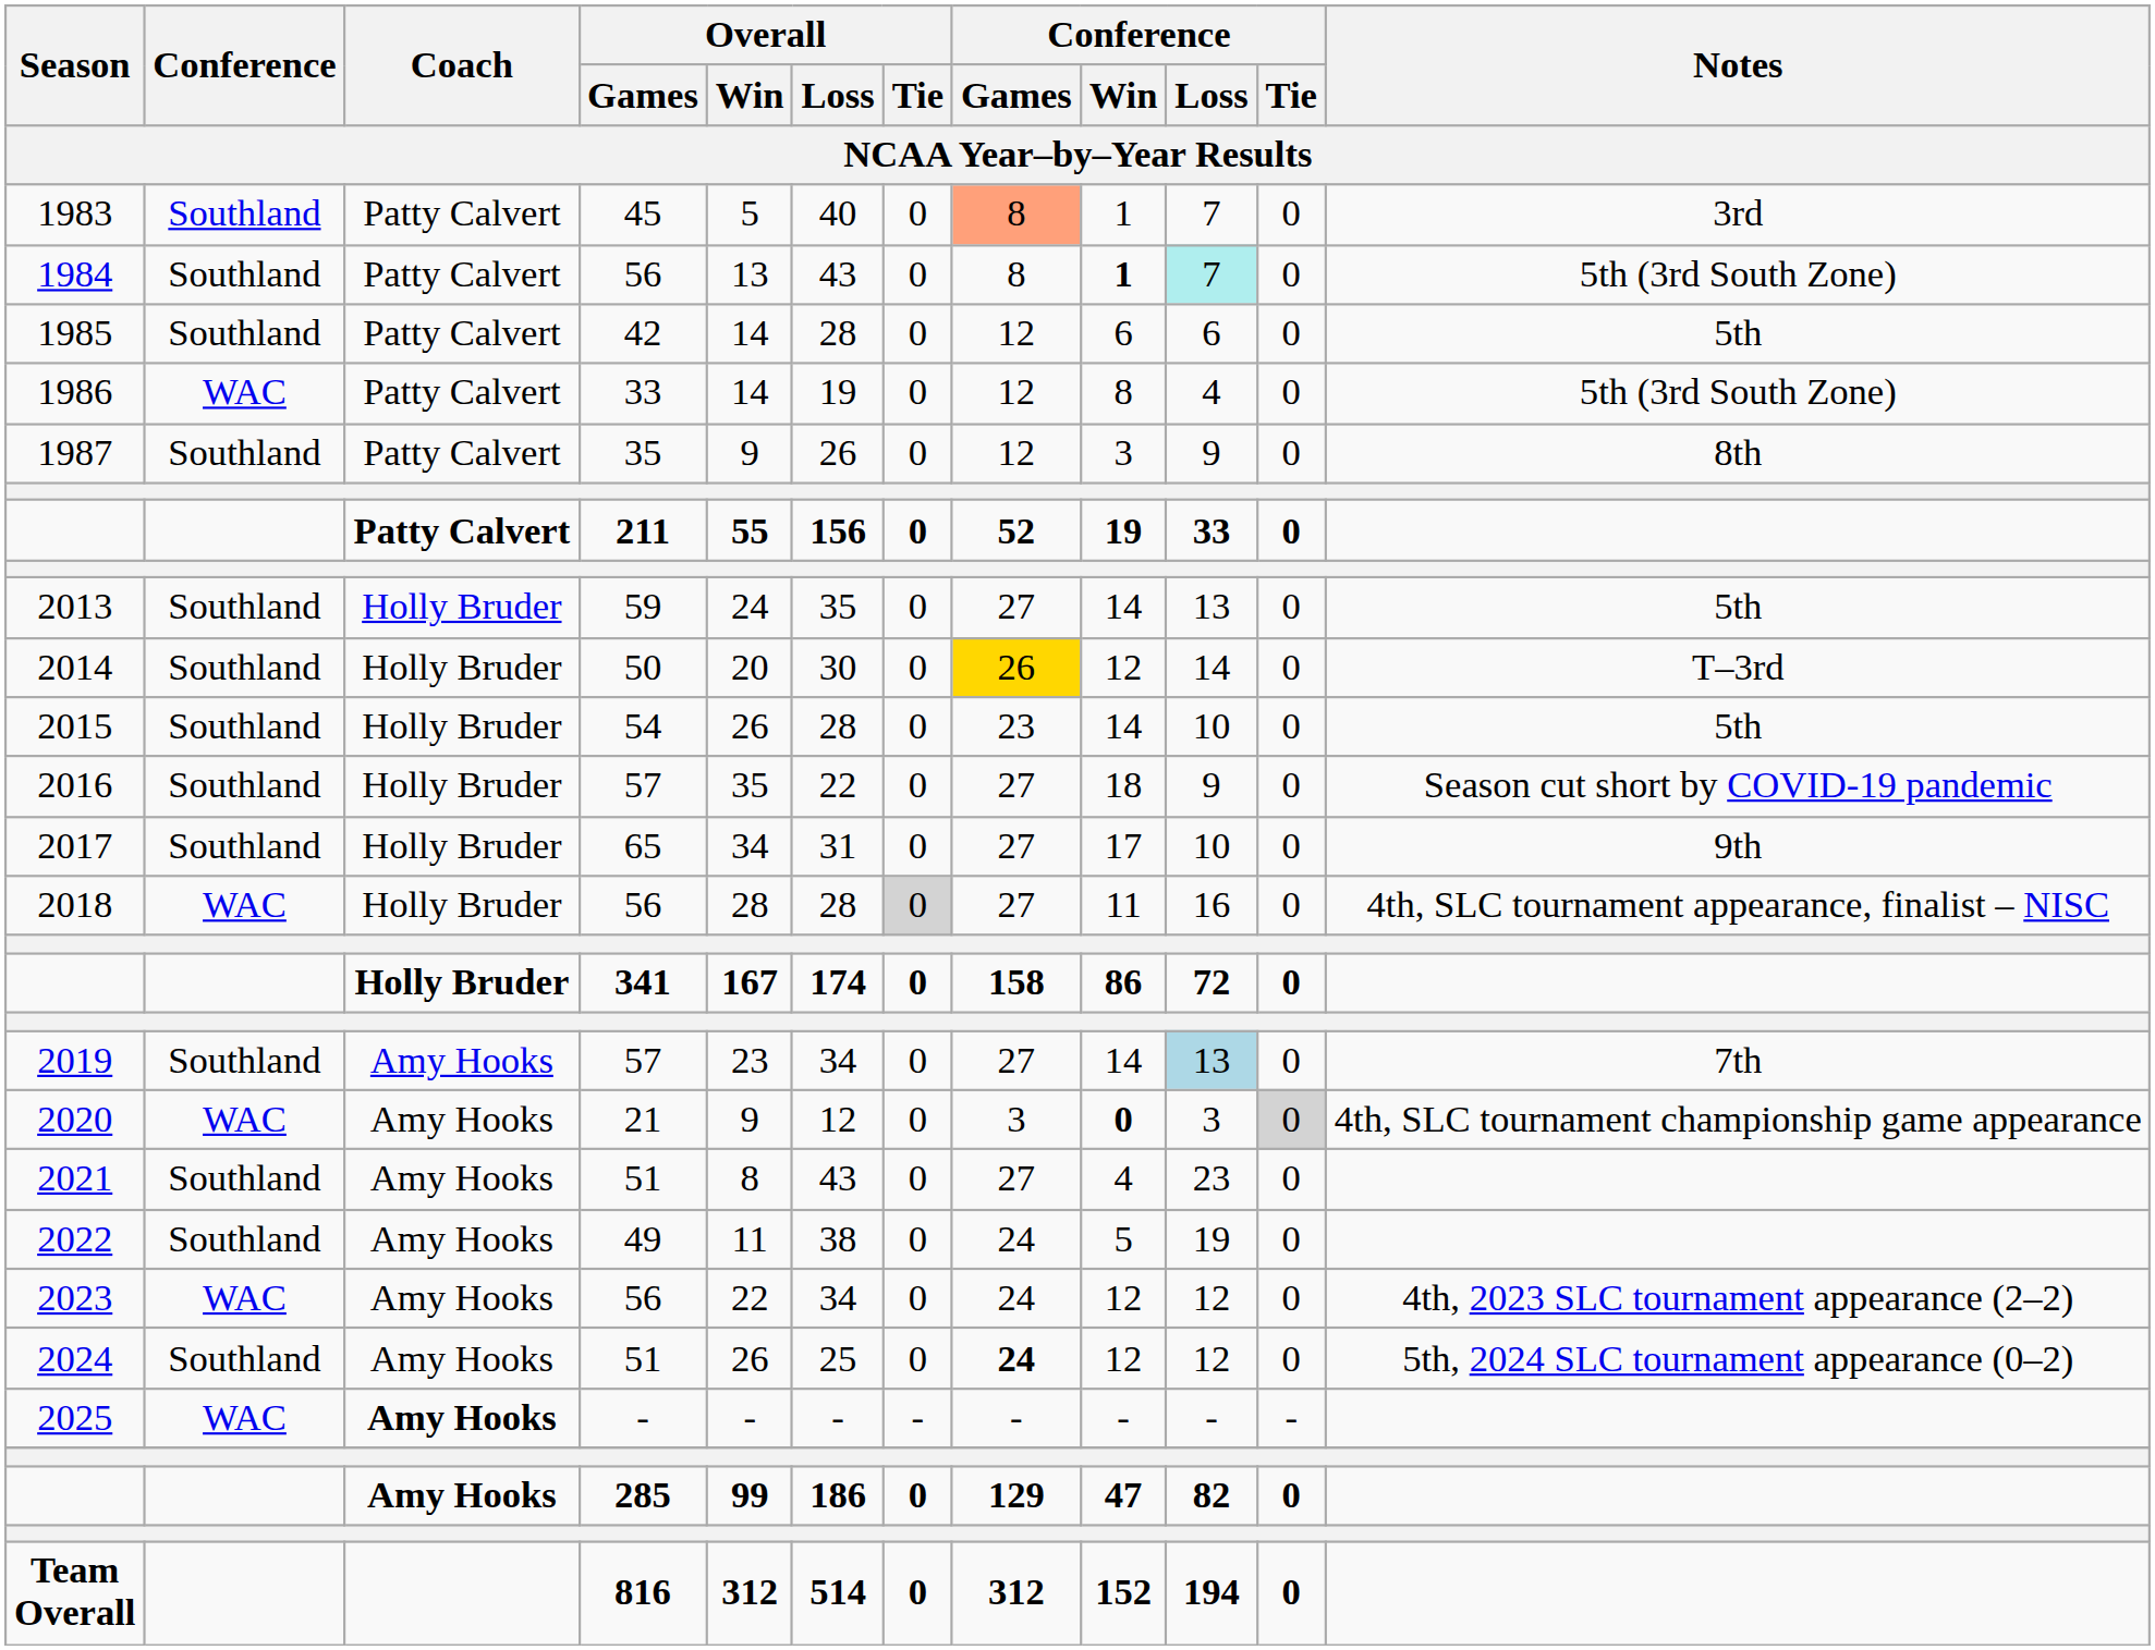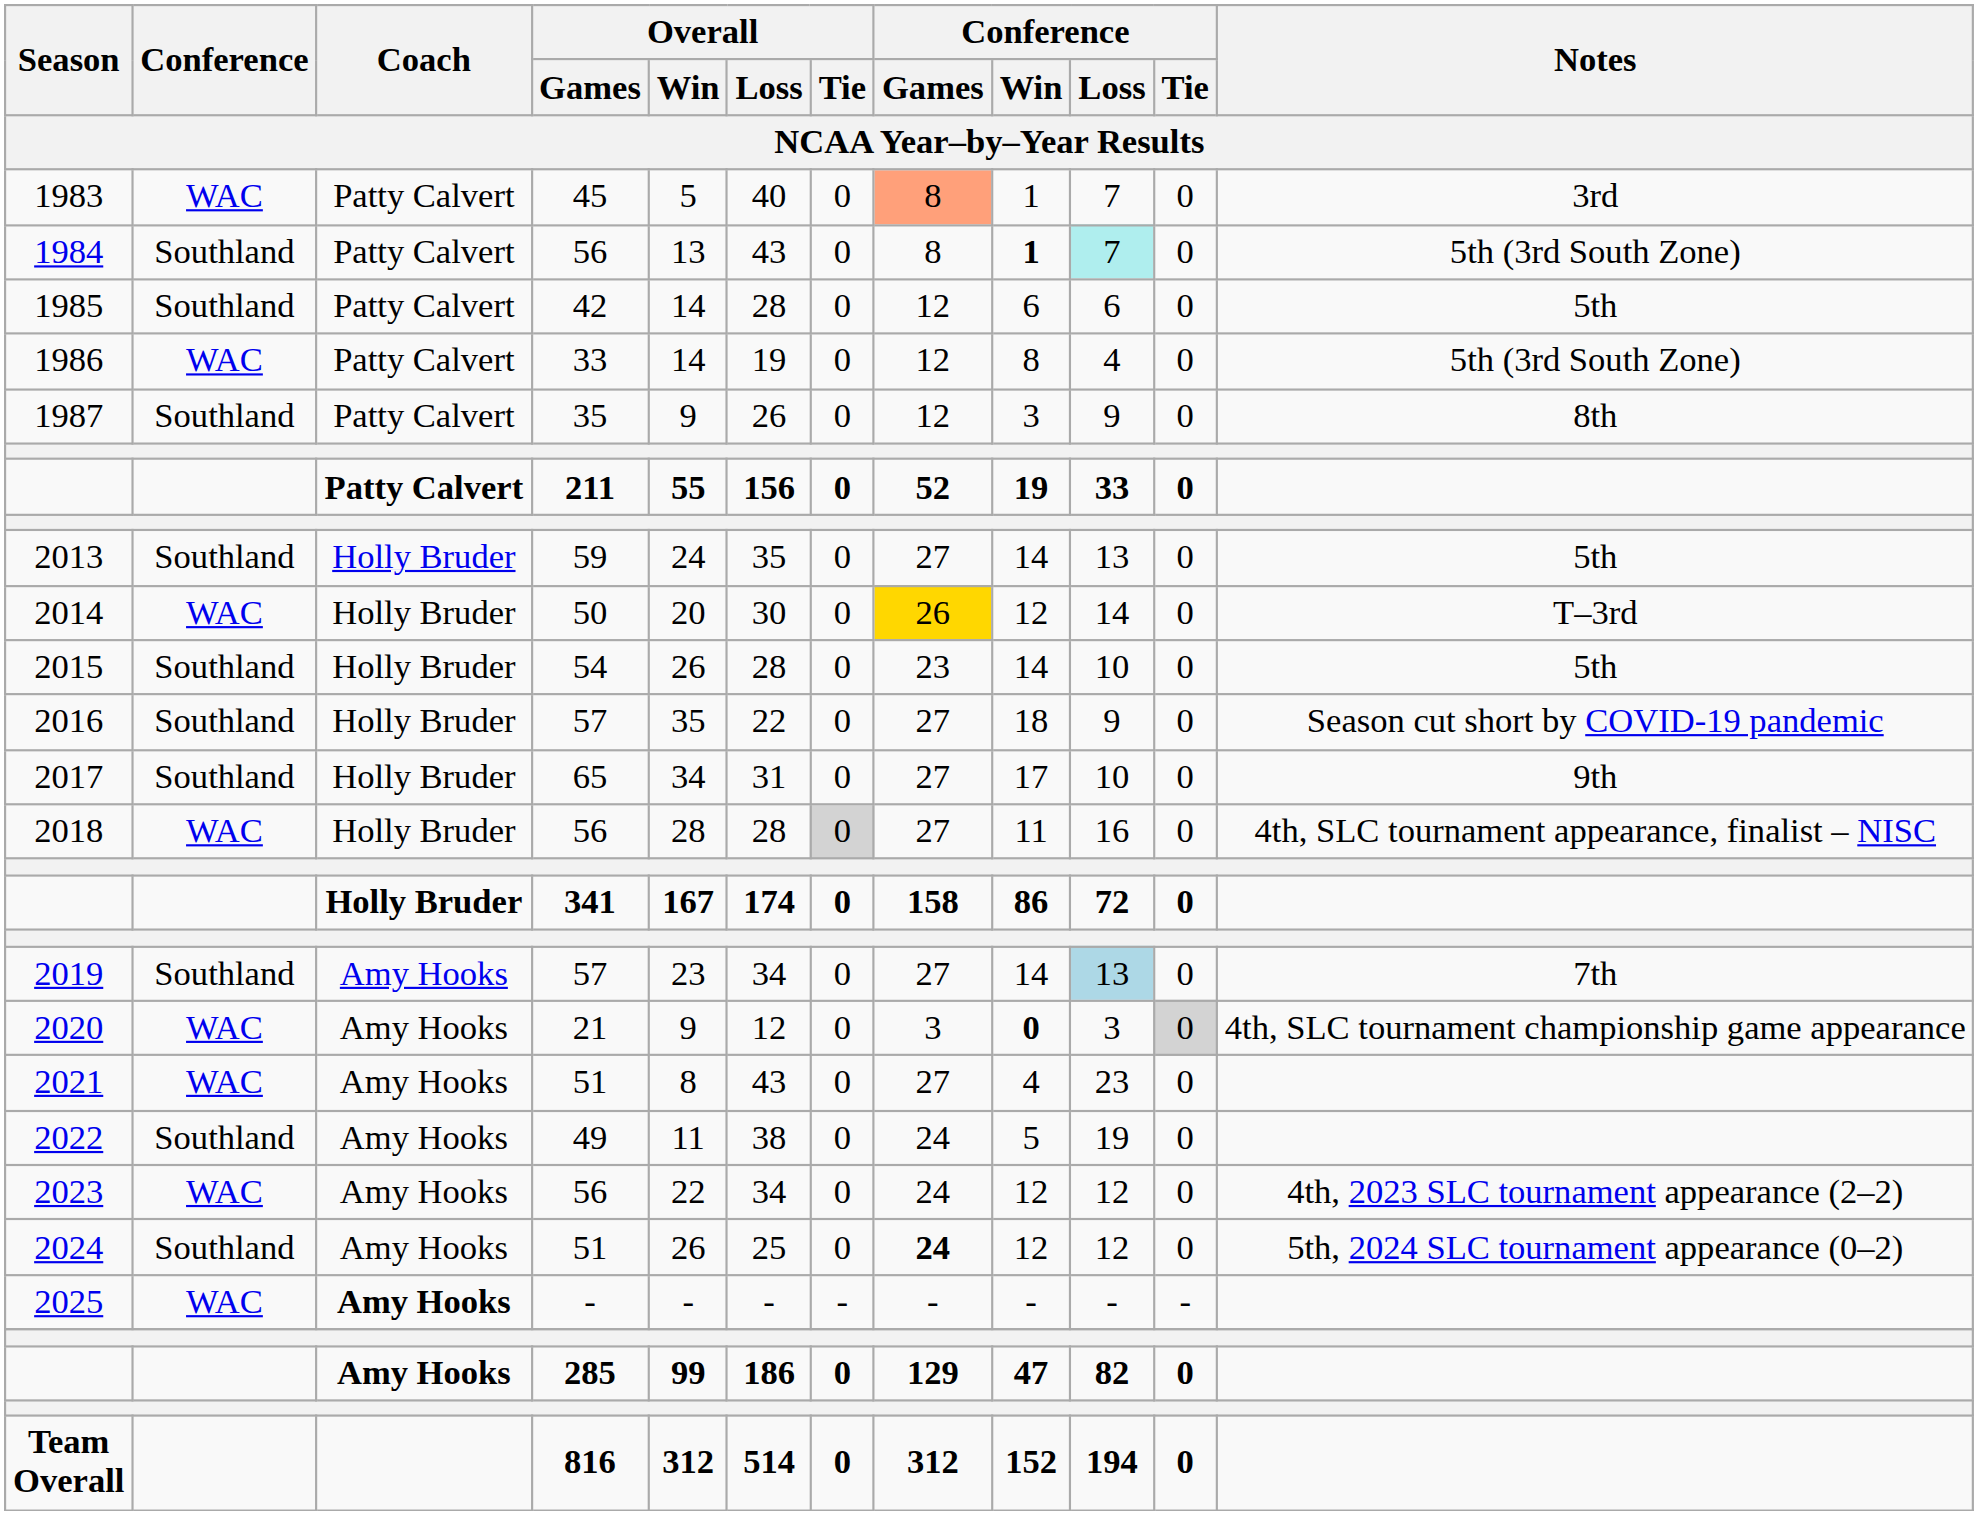 <table class="wikitable" style="text-align: center;">
 <tr>
 <th rowspan=2>Season</th>
 <th rowspan=2>Conference</th>
 <th rowspan=2>Coach</th>
 <th colspan="4">Overall</th>
 <th colspan="4">Conference</th>
 <th rowspan=2>Notes</th>
 </tr>
 <tr>
 <th>Games</th>
 <th>Win</th>
 <th>Loss</th>
 <th>Tie</th>
 <th>Games</th>
 <th>Win</th>
 <th>Loss</th>
 <th>Tie</th>
 </tr>
 <tr>
 <th colspan=12>NCAA Year–by–Year Results</th>
 </tr>
 <tr>
 <td>1983</td>
-<td><a href='#'>Southland</a></td>
+<td><a href='#'>WAC</a></td>
 <td>Patty Calvert</td>
 <td>45</td>
 <td>5</td>
 <td>40</td>
 <td>0</td>
 <td style="background: lightsalmon;">8</td>
 <td>1</td>
 <td>7</td>
 <td>0</td>
 <td>3rd</td>
 </tr>
 <tr>
 <td><a href='#'>1984</a></td>
 <td>Southland</td>
 <td>Patty Calvert</td>
 <td>56</td>
 <td>13</td>
 <td>43</td>
 <td>0</td>
 <td>8</td>
 <td><strong>1</strong></td>
 <td style="background: paleturquoise;">7</td>
 <td>0</td>
 <td>5th (3rd South Zone)</td>
 </tr>
 <tr>
 <td>1985</td>
 <td>Southland</td>
 <td>Patty Calvert</td>
 <td>42</td>
 <td>14</td>
 <td>28</td>
 <td>0</td>
 <td>12</td>
 <td>6</td>
 <td>6</td>
 <td>0</td>
 <td>5th</td>
 </tr>
 <tr>
 <td>1986</td>
 <td><a href='#'>WAC</a></td>
 <td>Patty Calvert</td>
 <td>33</td>
 <td>14</td>
 <td>19</td>
 <td>0</td>
 <td>12</td>
 <td>8</td>
 <td>4</td>
 <td>0</td>
 <td>5th (3rd South Zone)</td>
 </tr>
 <tr>
 <td>1987</td>
 <td>Southland</td>
 <td>Patty Calvert</td>
 <td>35</td>
 <td>9</td>
 <td>26</td>
 <td>0</td>
 <td>12</td>
 <td>3</td>
 <td>9</td>
 <td>0</td>
 <td>8th</td>
 </tr>
 <tr>
 <th colspan=12></th>
 </tr>
 <tr>
 <td></td>
 <td></td>
 <td><strong>Patty Calvert</strong></td>
 <td><strong>211</strong></td>
 <td><strong>55</strong></td>
 <td><strong>156</strong></td>
 <td><strong>0</strong></td>
 <td><strong>52</strong></td>
 <td><strong>19</strong></td>
 <td><strong>33</strong></td>
 <td><strong>0</strong></td>
 <td></td>
 </tr>
 <tr>
 <th colspan=12></th>
 </tr>
 <tr>
 <td>2013</td>
 <td>Southland</td>
 <td><a href='#'>Holly Bruder</a></td>
 <td>59</td>
 <td>24</td>
 <td>35</td>
 <td>0</td>
 <td>27</td>
 <td>14</td>
 <td>13</td>
 <td>0</td>
 <td>5th</td>
 </tr>
 <tr>
 <td>2014</td>
-<td>Southland</td>
+<td><a href='#'>WAC</a></td>
 <td>Holly Bruder</td>
 <td>50</td>
 <td>20</td>
 <td>30</td>
 <td>0</td>
 <td style="background: gold;">26</td>
 <td>12</td>
 <td>14</td>
 <td>0</td>
 <td>T–3rd</td>
 </tr>
 <tr>
 <td>2015</td>
 <td>Southland</td>
 <td>Holly Bruder</td>
 <td>54</td>
 <td>26</td>
 <td>28</td>
 <td>0</td>
 <td>23</td>
 <td>14</td>
 <td>10</td>
 <td>0</td>
 <td>5th</td>
 </tr>
 <tr>
 <td>2016</td>
 <td>Southland</td>
 <td>Holly Bruder</td>
 <td>57</td>
 <td>35</td>
 <td>22</td>
 <td>0</td>
 <td>27</td>
 <td>18</td>
 <td>9</td>
 <td>0</td>
 <td>Season cut short by <a href='#'>COVID-19 pandemic</a></td>
 </tr>
 <tr>
 <td>2017</td>
 <td>Southland</td>
 <td>Holly Bruder</td>
 <td>65</td>
 <td>34</td>
 <td>31</td>
 <td>0</td>
 <td>27</td>
 <td>17</td>
 <td>10</td>
 <td>0</td>
 <td>9th</td>
 </tr>
 <tr>
 <td>2018</td>
 <td><a href='#'>WAC</a></td>
 <td>Holly Bruder</td>
 <td>56</td>
 <td>28</td>
 <td>28</td>
 <td style="background: lightgrey;">0</td>
 <td>27</td>
 <td>11</td>
 <td>16</td>
 <td>0</td>
 <td>4th, SLC tournament appearance, finalist – <a href='#'>NISC</a></td>
 </tr>
 <tr>
 <th colspan=12></th>
 </tr>
 <tr>
 <td></td>
 <td></td>
 <td><strong>Holly Bruder</strong></td>
 <td><strong>341</strong></td>
 <td><strong>167</strong></td>
 <td><strong>174</strong></td>
 <td><strong>0</strong></td>
 <td><strong>158</strong></td>
 <td><strong>86</strong></td>
 <td><strong>72</strong></td>
 <td><strong>0</strong></td>
 </tr>
 <tr>
 <th colspan=12></th>
 </tr>
 <tr>
 <td><a href='#'>2019</a></td>
 <td>Southland</td>
 <td><a href='#'>Amy Hooks</a></td>
 <td>57</td>
 <td>23</td>
 <td>34</td>
 <td>0</td>
 <td>27</td>
 <td>14</td>
 <td style="background: lightblue;">13</td>
 <td>0</td>
 <td>7th</td>
 </tr>
 <tr>
 <td><a href='#'>2020</a></td>
 <td><a href='#'>WAC</a></td>
 <td>Amy Hooks</td>
 <td>21</td>
 <td>9</td>
 <td>12</td>
 <td>0</td>
 <td>3</td>
 <td><strong>0</strong></td>
 <td>3</td>
 <td style="background: lightgrey;">0</td>
 <td>4th, SLC tournament championship game appearance</td>
 </tr>
 <tr>
 <td><a href='#'>2021</a></td>
-<td>Southland</td>
+<td><a href='#'>WAC</a></td>
 <td>Amy Hooks</td>
 <td>51</td>
 <td>8</td>
 <td>43</td>
 <td>0</td>
 <td>27</td>
 <td>4</td>
 <td>23</td>
 <td>0</td>
 <td></td>
 </tr>
 <tr>
 <td><a href='#'>2022</a></td>
 <td>Southland</td>
 <td>Amy Hooks</td>
 <td>49</td>
 <td>11</td>
 <td>38</td>
 <td>0</td>
 <td>24</td>
 <td>5</td>
 <td>19</td>
 <td>0</td>
 <td></td>
 </tr>
 <tr>
 <td><a href='#'>2023</a></td>
 <td><a href='#'>WAC</a></td>
 <td>Amy Hooks</td>
 <td>56</td>
 <td>22</td>
 <td>34</td>
 <td>0</td>
 <td>24</td>
 <td>12</td>
 <td>12</td>
 <td>0</td>
 <td>4th, <a href='#'>2023 SLC tournament</a> appearance (2–2)</td>
 </tr>
 <tr>
 <td><a href='#'>2024</a></td>
 <td>Southland</td>
 <td>Amy Hooks</td>
 <td>51</td>
 <td>26</td>
 <td>25</td>
 <td>0</td>
 <td><strong>24</strong></td>
 <td>12</td>
 <td>12</td>
 <td>0</td>
 <td>5th, <a href='#'>2024 SLC tournament</a> appearance (0–2)</td>
 </tr>
 <tr>
 <td><a href='#'>2025</a></td>
 <td><a href='#'>WAC</a></td>
 <td><strong>Amy Hooks</strong></td>
 <td>-</td>
 <td>-</td>
 <td>-</td>
 <td>-</td>
 <td>-</td>
 <td>-</td>
 <td>-</td>
 <td>-</td>
 <td></td>
 </tr>
 <tr>
 </tr>
 <tr>
 <th colspan=12></th>
 </tr>
 <tr>
 <td></td>
 <td></td>
 <td><strong>Amy Hooks</strong></td>
 <td><strong>285</strong></td>
 <td><strong>99</strong></td>
 <td><strong>186</strong></td>
 <td><strong>0</strong></td>
 <td><strong>129</strong></td>
 <td><strong>47</strong></td>
 <td><strong>82</strong></td>
 <td><strong>0</strong></td>
 </tr>
 <tr>
 <th colspan=12></th>
 </tr>
 <tr>
 <td><strong>Team<br>Overall</strong></td>
 <td></td>
 <td></td>
 <td><strong>816</strong></td>
 <td><strong>312</strong></td>
 <td><strong>514</strong></td>
 <td><strong>0</strong></td>
 <td><strong>312</strong></td>
 <td><strong>152</strong></td>
 <td><strong>194</strong></td>
 <td><strong>0</strong></td>
 <td></td>
 </tr>
 </table>
